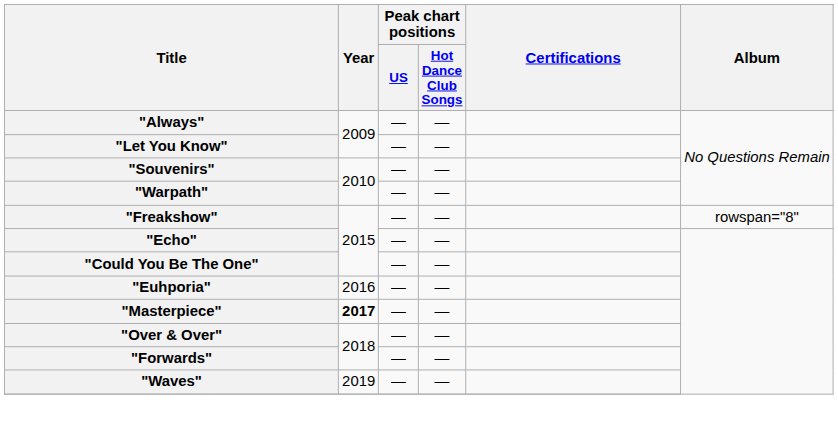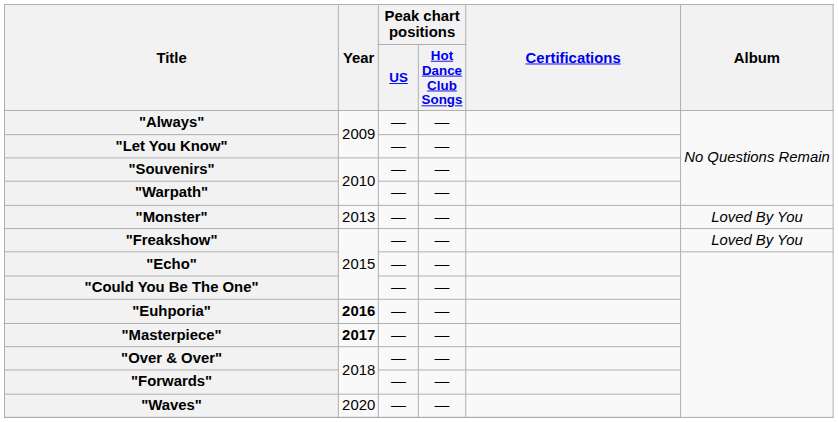 <table class="wikitable mw-collapsible plainrowheaders" style="text-align:center;">
 <tr>
 <th scope="col" rowspan="2" style="width:22em;">Title</th>
 <th scope="col" rowspan="2">Year</th>
 <th scope="col" colspan="2">Peak chart positions</th>
 <th scope="col" rowspan="2" style="width:14em;"><a href='#'>Certifications</a></th>
 <th scope="col" rowspan="2">Album</th>
 </tr>
 <tr>
 <th scope="col" style="width:2.5em; font-size:90%;"><a href='#'>US</a></th>
 <th scope="col" style="width:2.5em; font-size:90%;"><a href='#'>Hot Dance Club Songs</a></th>
 </tr>
 <tr>
 <th scope="row">"Always"</th>
 <td rowspan="2">2009</td>
 <td>—</td>
 <td>—</td>
 <td></td>
 <td rowspan="4"><em>No Questions Remain</em></td>
 </tr>
 <tr>
 <th scope="row">"Let You Know"</th>
 <td>—</td>
 <td>—</td>
 </tr>
 <tr>
 <th scope="row">"Souvenirs"</th>
 <td rowspan="2">2010</td>
 <td>—</td>
 <td>—</td>
 <td></td>
 </tr>
 <tr>
 <th scope="row">"Warpath"</th>
 <td>—</td>
 <td>—</td>
 <td></td>
 </tr>
 <tr>
+<th scope="row">"Monster"</th>
+<td rowspan="1">2013</td>
+<td>—</td>
+<td>—</td>
+<td></td>
+<td rowspan="1"><em>Loved By You</em></td>
+</tr>
+<tr>
 <th scope="row">"Freakshow"</th>
 <td rowspan="3">2015</td>
 <td>—</td>
 <td>—</td>
 <td></td>
-<td>rowspan="8" </td>
+<td rowspan="1"><em>Loved By You</em></td>
 </tr>
 <tr>
 <th scope="row">"Echo"</th>
 <td>—</td>
 <td>—</td>
 <td></td>
 </tr>
 <tr>
 <th scope="row">"Could You Be The One"</th>
 <td>—</td>
 <td>—</td>
 <td></td>
 </tr>
 <tr>
 <th scope="row">"Euhporia"</th>
-<td rowspan="1">2016</td>
+<td rowspan="1"><strong>2016</strong></td>
 <td>—</td>
 <td>—</td>
 <td></td>
 </tr>
 <tr>
 <th scope="row">"Masterpiece"</th>
 <td rowspan="1"><strong>2017</strong></td>
 <td>—</td>
 <td>—</td>
 <td></td>
 </tr>
 <tr>
 <th scope="row">"Over & Over"</th>
 <td rowspan="2">2018</td>
 <td>—</td>
 <td>—</td>
 <td></td>
 </tr>
 <tr>
 <th scope="row">"Forwards"</th>
 <td>—</td>
 <td>—</td>
 <td></td>
 </tr>
 <tr>
 <th scope="row">"Waves"</th>
-<td rowspan="1">2019</td>
+<td rowspan="1">2020</td>
 <td>—</td>
 <td>—</td>
 <td></td>
 </tr>
 <tr>
 </tr>
 </table>
